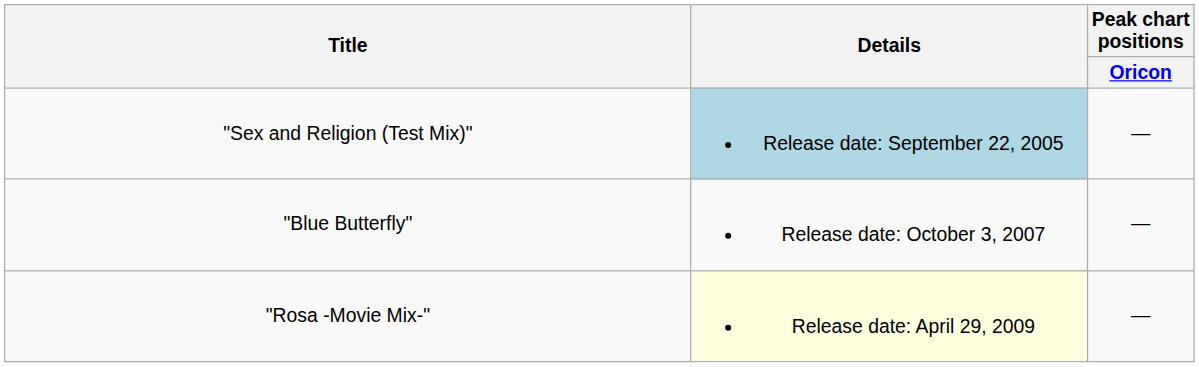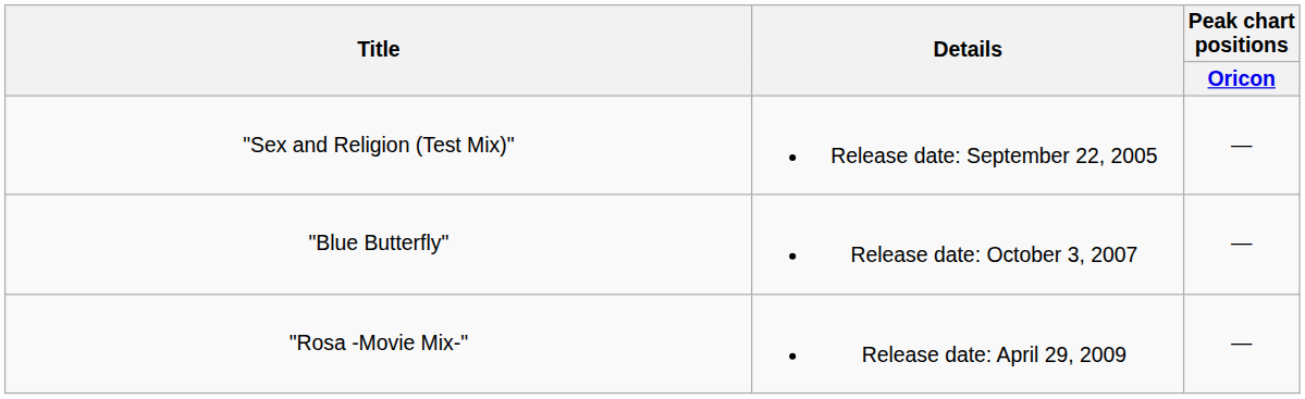 <table class="wikitable plainrowheaders" style="text-align:center;">
 <tr>
 <th rowspan="2" style="width:35em;">Title</th>
 <th rowspan="2" style="width:20em;">Details</th>
 <th>Peak chart<br> positions</th>
 </tr>
 <tr>
 <th><a href='#'>Oricon</a></th>
 </tr>
 <tr>
 <td>"Sex and Religion (Test Mix)"</td>
-<td style="background: lightblue;"><br><ul><li>Release date: September 22, 2005</li></ul></td>
+<td><br><ul><li>Release date: September 22, 2005</li></ul></td>
 <td>—</td>
 </tr>
 <tr>
 <td>"Blue Butterfly"</td>
 <td><br><ul><li>Release date: October 3, 2007</li></ul></td>
 <td>—</td>
 </tr>
 <tr>
 <td>"Rosa -Movie Mix-"</td>
-<td style="background: lightyellow;"><br><ul><li>Release date: April 29, 2009</li></ul></td>
+<td><br><ul><li>Release date: April 29, 2009</li></ul></td>
 <td>—</td>
 </tr>
 </table>
